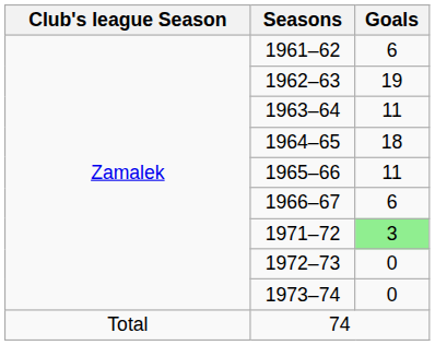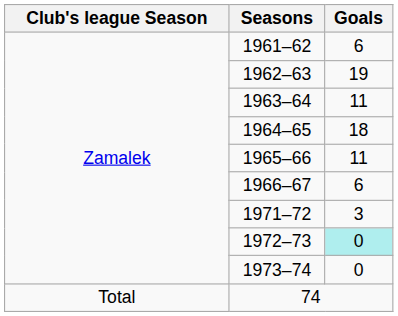 <table class="wikitable" style="width:40%; text-align: center">
 <tr>
 <th>Club's league Season</th>
 <th>Seasons</th>
 <th>Goals</th>
 </tr>
 <tr>
 <td rowspan="9"><a href='#'>Zamalek</a></td>
 <td>1961–62</td>
 <td>6</td>
 </tr>
 <tr>
 <td>1962–63</td>
 <td>19</td>
 </tr>
 <tr>
 <td>1963–64</td>
 <td>11</td>
 </tr>
 <tr>
 <td>1964–65</td>
 <td>18</td>
 </tr>
 <tr>
 <td>1965–66</td>
 <td>11</td>
 </tr>
 <tr>
 <td>1966–67</td>
 <td>6</td>
 </tr>
 <tr>
 <td>1971–72</td>
-<td style="background: lightgreen;">3</td>
+<td>3</td>
 </tr>
 <tr>
 <td>1972–73</td>
-<td>0</td>
+<td style="background: paleturquoise;">0</td>
 </tr>
 <tr>
 <td>1973–74</td>
 <td>0</td>
 </tr>
 <tr>
 <td>Total</td>
 <td colspan="2">74</td>
 </tr>
 </table>
